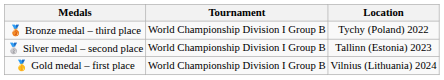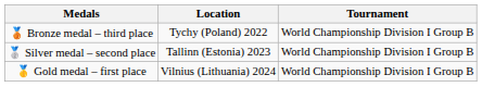 <table class="wikitable">
 <tr>
 <th style="text-align:center;vertical-align:middle;">Medals</th>
+<th style="text-align:center;vertical-align:middle;">Location</th>
 <th style="text-align:center;vertical-align:middle;">Tournament</th>
-<th style="text-align:center;vertical-align:middle;">Location</th>
 </tr>
 <tr>
 <td style="text-align:center;vertical-align:middle;">🥉 Bronze medal – third place</td>
+<td style="text-align:center;vertical-align:middle;">Tychy (Poland) 2022</td>
 <td style="text-align:center;vertical-align:middle;">World Championship Division I Group B</td>
-<td style="text-align:center;vertical-align:middle;">Tychy (Poland) 2022</td>
 </tr>
 <tr>
 <td style="text-align:center;vertical-align:middle;">🥈 Silver medal – second place</td>
+<td style="text-align:center;vertical-align:middle;">Tallinn (Estonia) 2023</td>
 <td style="text-align:center;vertical.-align:middle;">World Championship Division I Group B</td>
-<td style="text-align:center;vertical-align:middle;">Tallinn (Estonia) 2023</td>
 </tr>
 <tr>
 <td style="text-align:center;vertical-align:middle;">🥇 Gold medal – first place</td>
+<td style="text-align:center;vertical-align:middle;">Vilnius (Lithuania) 2024</td>
 <td style="text-align:center;vertical-align:middle;">World Championship Division I Group B</td>
-<td style="text-align:center;vertical-align:middle;">Vilnius (Lithuania) 2024</td>
 </tr>
 </table>
